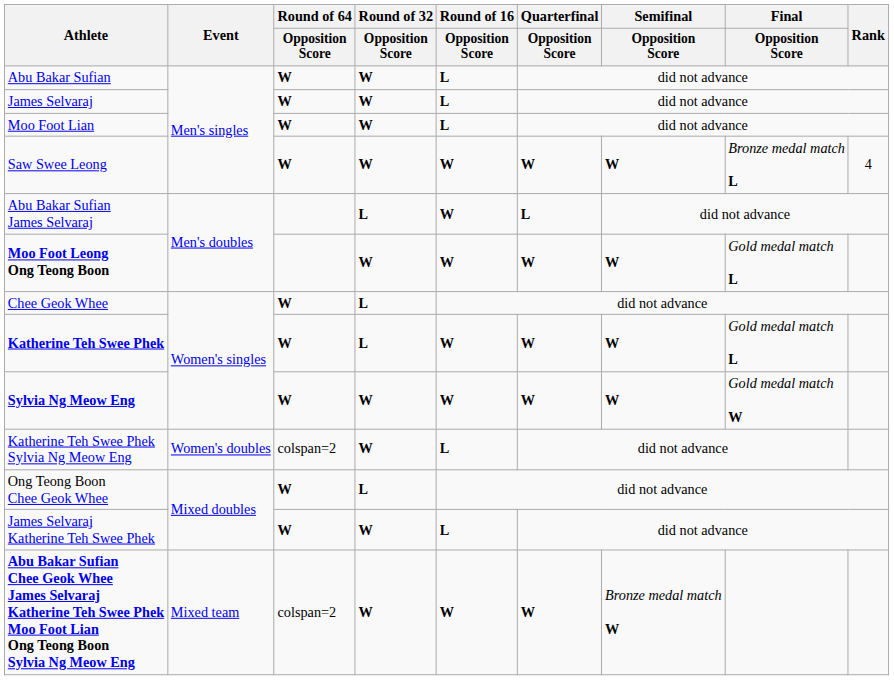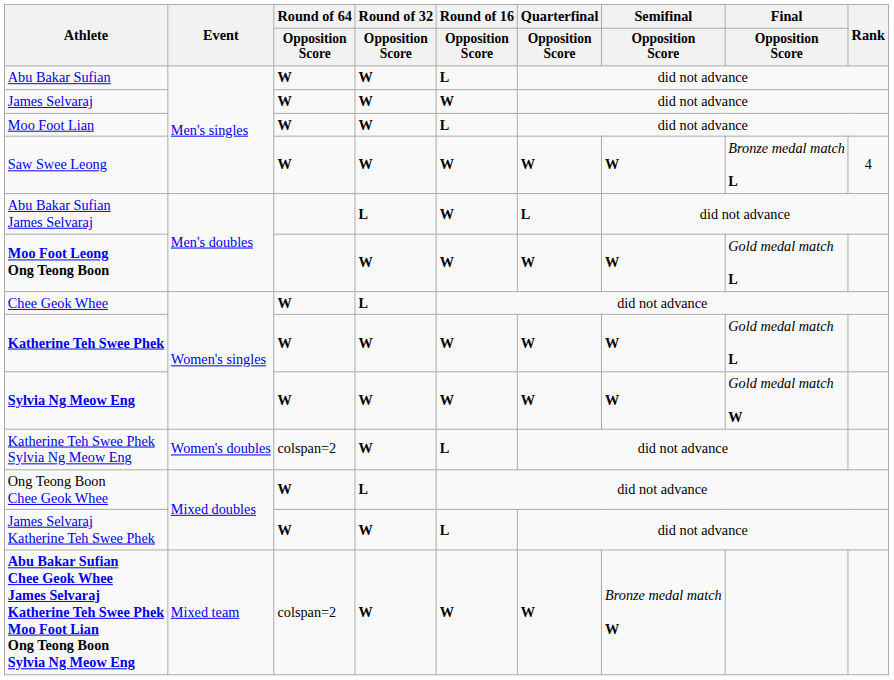 <table class="wikitable" style="font-size:90%">
 <tr>
 <th rowspan=2>Athlete</th>
 <th rowspan=2>Event</th>
 <th>Round of 64</th>
 <th>Round of 32</th>
 <th>Round of 16</th>
 <th>Quarterfinal</th>
 <th>Semifinal</th>
 <th>Final</th>
 <th rowspan=2>Rank</th>
 </tr>
 <tr style="font-size:95%">
 <th>Opposition<br>Score</th>
 <th>Opposition<br>Score</th>
 <th>Opposition<br>Score</th>
 <th>Opposition<br>Score</th>
 <th>Opposition<br>Score</th>
 <th>Opposition<br>Score</th>
 </tr>
 <tr>
 <td><a href='#'>Abu Bakar Sufian</a></td>
 <td rowspan=4><a href='#'>Men's singles</a></td>
 <td><strong>W</strong></td>
 <td><strong>W</strong></td>
 <td><strong>L</strong></td>
 <td align=center colspan=4>did not advance</td>
 </tr>
 <tr>
 <td><a href='#'>James Selvaraj</a></td>
 <td><strong>W</strong></td>
 <td><strong>W</strong></td>
-<td><strong>L</strong></td>
+<td><strong>W</strong></td>
 <td align=center colspan=4>did not advance</td>
 </tr>
 <tr>
 <td><a href='#'>Moo Foot Lian</a></td>
 <td><strong>W</strong></td>
 <td><strong>W</strong></td>
 <td><strong>L</strong></td>
 <td align=center colspan=4>did not advance</td>
 </tr>
 <tr>
 <td><a href='#'>Saw Swee Leong</a></td>
 <td><strong>W</strong></td>
 <td><strong>W</strong></td>
 <td><strong>W</strong></td>
 <td><strong>W</strong></td>
 <td><strong>W</strong></td>
 <td><em>Bronze medal match</em><br><br><strong>L</strong></td>
 <td align=center>4</td>
 </tr>
 <tr>
 <td><a href='#'>Abu Bakar Sufian</a><br><a href='#'>James Selvaraj</a></td>
 <td rowspan=2><a href='#'>Men's doubles</a></td>
 <td></td>
 <td><strong>L</strong></td>
 <td><strong>W</strong></td>
 <td><strong>L</strong></td>
 <td align=center colspan=3>did not advance</td>
 </tr>
 <tr>
 <td><strong><a href='#'>Moo Foot Leong</a><br>Ong Teong Boon</strong></td>
 <td></td>
 <td><strong>W</strong></td>
 <td><strong>W</strong></td>
 <td><strong>W</strong></td>
 <td><strong>W</strong></td>
 <td><em>Gold medal match</em><br><br><strong>L</strong></td>
 <td align=center></td>
 </tr>
 <tr>
 <td><a href='#'>Chee Geok Whee</a></td>
 <td rowspan=3><a href='#'>Women's singles</a></td>
 <td><strong>W</strong></td>
 <td><strong>L</strong></td>
 <td align=center colspan=5>did not advance</td>
 </tr>
 <tr>
 <td><strong><a href='#'>Katherine Teh Swee Phek</a></strong></td>
 <td><strong>W</strong></td>
-<td><strong>L</strong></td>
+<td><strong>W</strong></td>
 <td><strong>W</strong></td>
 <td><strong>W</strong></td>
 <td><strong>W</strong></td>
 <td><em>Gold medal match</em><br><br><strong>L</strong></td>
 <td align=center></td>
 </tr>
 <tr>
 <td><strong><a href='#'>Sylvia Ng Meow Eng</a></strong></td>
 <td><strong>W</strong></td>
 <td><strong>W</strong></td>
 <td><strong>W</strong></td>
 <td><strong>W</strong></td>
 <td><strong>W</strong></td>
 <td><em>Gold medal match</em><br><br><strong>W</strong></td>
 <td align=center></td>
 </tr>
 <tr>
 <td><a href='#'>Katherine Teh Swee Phek</a><br><a href='#'>Sylvia Ng Meow Eng</a></td>
 <td><a href='#'>Women's doubles</a></td>
 <td>colspan=2 </td>
 <td><strong>W</strong></td>
 <td><strong>L</strong></td>
 <td align=center colspan=3>did not advance</td>
 </tr>
 <tr>
 <td>Ong Teong Boon<br><a href='#'>Chee Geok Whee</a></td>
 <td rowspan=2><a href='#'>Mixed doubles</a></td>
 <td><strong>W</strong></td>
 <td><strong>L</strong></td>
 <td align=center colspan=5>did not advance</td>
 </tr>
 <tr>
 <td><a href='#'>James Selvaraj</a><br><a href='#'>Katherine Teh Swee Phek</a></td>
 <td><strong>W</strong></td>
 <td><strong>W</strong></td>
 <td><strong>L</strong></td>
 <td align=center colspan=4>did not advance</td>
 </tr>
 <tr>
 <td><strong><a href='#'>Abu Bakar Sufian</a><br><a href='#'>Chee Geok Whee</a><br><a href='#'>James Selvaraj</a><br><a href='#'>Katherine Teh Swee Phek</a><br><a href='#'>Moo Foot Lian</a><br>Ong Teong Boon<br><a href='#'>Sylvia Ng Meow Eng</a></strong></td>
 <td rowspan=2><a href='#'>Mixed team</a></td>
 <td>colspan=2 </td>
 <td><strong>W</strong></td>
 <td><strong>W</strong></td>
 <td><strong>W</strong></td>
 <td><em>Bronze medal match</em><br><br><strong>W</strong></td>
 <td align=center></td>
 </tr>
 </table>
